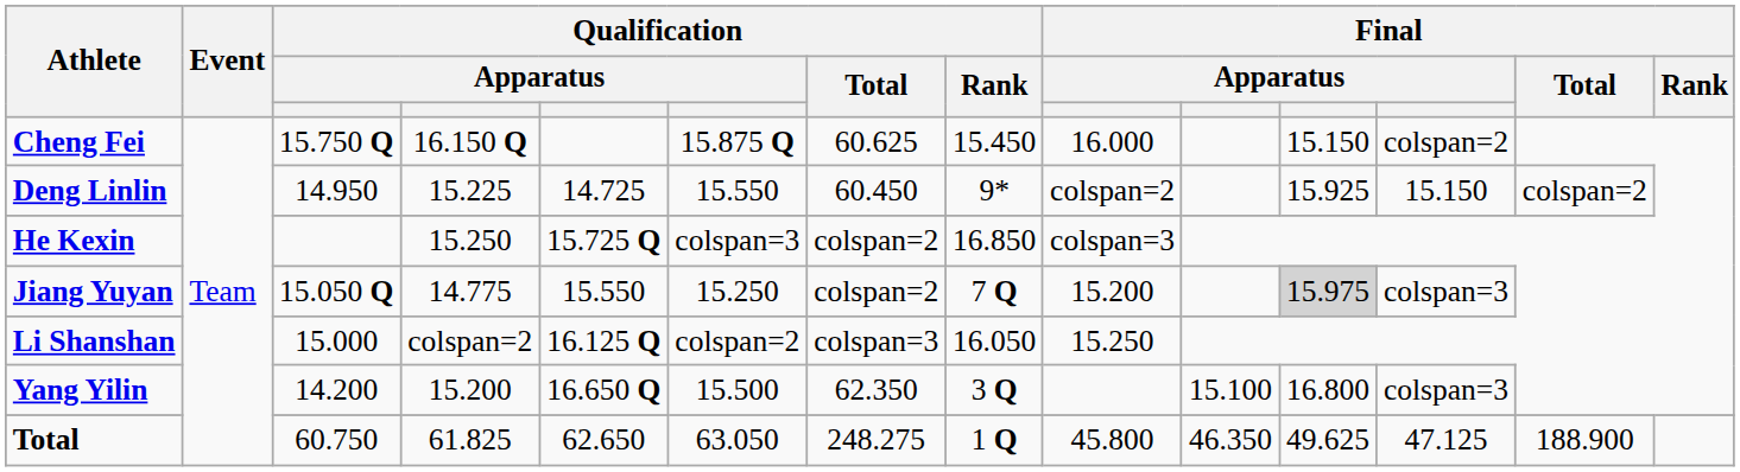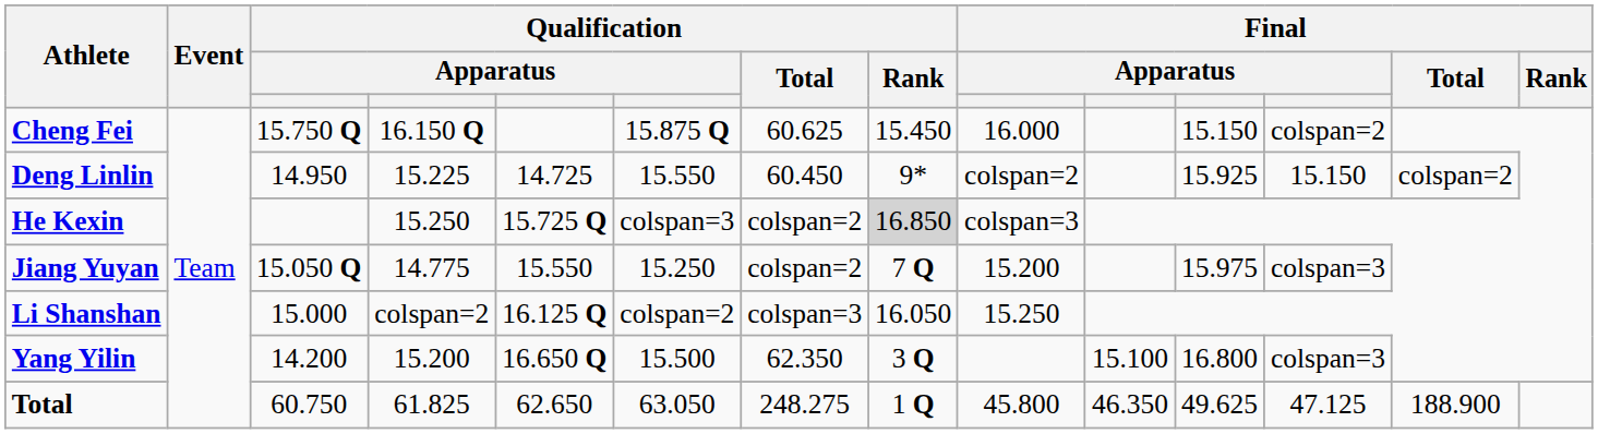 <table class="wikitable" style="font-size:90%">
 <tr>
 <th rowspan="3">Athlete</th>
 <th rowspan="3">Event</th>
 <th colspan=6>Qualification</th>
 <th colspan=6>Final</th>
 </tr>
 <tr style="font-size:95%">
 <th colspan=4>Apparatus</th>
 <th rowspan=2>Total</th>
 <th rowspan=2>Rank</th>
 <th colspan=4>Apparatus</th>
 <th rowspan=2>Total</th>
 <th rowspan=2>Rank</th>
 </tr>
 <tr style="font-size:95%">
 <th></th>
 <th></th>
 <th></th>
 <th></th>
 <th></th>
 <th></th>
 <th></th>
 <th></th>
 </tr>
 <tr align=center>
 <td align=left><strong><a href='#'>Cheng Fei</a></strong></td>
 <td rowspan=7 align=left><a href='#'>Team</a></td>
 <td>15.750 <strong>Q</strong></td>
 <td>16.150 <strong>Q</strong></td>
 <td></td>
 <td>15.875 <strong>Q</strong></td>
 <td>60.625</td>
 <td>15.450</td>
 <td>16.000</td>
 <td></td>
 <td>15.150</td>
 <td>colspan=2 </td>
 </tr>
 <tr align=center>
 <td align=left><strong><a href='#'>Deng Linlin</a></strong></td>
 <td>14.950</td>
 <td>15.225</td>
 <td>14.725</td>
 <td>15.550</td>
 <td>60.450</td>
 <td>9*</td>
 <td>colspan=2 </td>
 <td></td>
 <td>15.925</td>
 <td>15.150</td>
 <td>colspan=2 </td>
 </tr>
 <tr align=center>
 <td align=left><strong><a href='#'>He Kexin</a></strong></td>
 <td></td>
 <td>15.250</td>
 <td>15.725 <strong>Q</strong></td>
 <td>colspan=3 </td>
 <td>colspan=2 </td>
-<td>16.850</td>
+<td style="background: lightgrey;">16.850</td>
 <td>colspan=3 </td>
 </tr>
 <tr align=center>
 <td align=left><strong><a href='#'>Jiang Yuyan</a></strong></td>
 <td>15.050 <strong>Q</strong></td>
 <td>14.775</td>
 <td>15.550</td>
 <td>15.250</td>
 <td>colspan=2 </td>
 <td>7 <strong>Q</strong></td>
 <td>15.200</td>
 <td></td>
-<td style="background: lightgrey;">15.975</td>
+<td>15.975</td>
 <td>colspan=3 </td>
 </tr>
 <tr align=center>
 <td align=left><strong><a href='#'>Li Shanshan</a></strong></td>
 <td>15.000</td>
 <td>colspan=2 </td>
 <td>16.125 <strong>Q</strong></td>
 <td>colspan=2 </td>
 <td>colspan=3 </td>
 <td>16.050</td>
 <td>15.250</td>
 </tr>
 <tr align=center>
 <td align=left><strong><a href='#'>Yang Yilin</a></strong></td>
 <td>14.200</td>
 <td>15.200</td>
 <td>16.650 <strong>Q</strong></td>
 <td>15.500</td>
 <td>62.350</td>
 <td>3 <strong>Q</strong></td>
 <td></td>
 <td>15.100</td>
 <td>16.800</td>
 <td>colspan=3 </td>
 </tr>
 <tr align=center>
 <td align=left><strong>Total</strong></td>
 <td>60.750</td>
 <td>61.825</td>
 <td>62.650</td>
 <td>63.050</td>
 <td>248.275</td>
 <td>1 <strong>Q</strong></td>
 <td>45.800</td>
 <td>46.350</td>
 <td>49.625</td>
 <td>47.125</td>
 <td>188.900</td>
 <td></td>
 </tr>
 </table>
